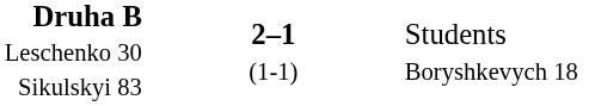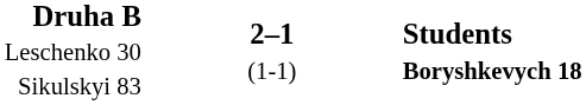 <table width=100% cellspacing=1>
 <tr>
 <th width=20%></th>
 <th width=20%></th>
 <th width=20%></th>
 <th></th>
 </tr>
 <tr style=font-size:90%>
 <td align=right><strong>Druha B</strong><br><small>Leschenko 30</small><br><small>Sikulskyi 83</small></td>
 <td align=center><strong>2–1</strong><br><small>(1-1)</small></td>
-<td>Students<br><small>Boryshkevych 18</small></td>
+<td><strong>Students<br><small>Boryshkevych 18</small></strong></td>
 <td></td>
 </tr>
 </table>
